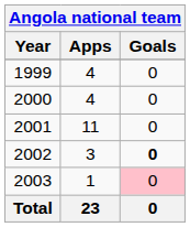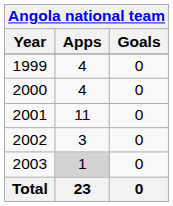 <table class="wikitable" style="text-align:center">
 <tr>
 <th colspan=3><a href='#'>Angola national team</a></th>
 </tr>
 <tr>
 <th>Year</th>
 <th>Apps</th>
 <th>Goals</th>
 </tr>
 <tr>
 </tr>
 <tr>
 <td>1999</td>
 <td>4</td>
 <td>0</td>
 </tr>
 <tr>
 <td>2000</td>
 <td>4</td>
 <td>0</td>
 </tr>
 <tr>
 <td>2001</td>
 <td>11</td>
 <td>0</td>
 </tr>
 <tr>
 <td>2002</td>
 <td>3</td>
-<td><strong>0</strong></td>
+<td>0</td>
 </tr>
 <tr>
 <td>2003</td>
-<td>1</td>
-<td style="background: pink;">0</td>
+<td style="background: lightgrey;">1</td>
+<td>0</td>
 </tr>
 <tr>
 <th>Total</th>
 <th>23</th>
 <th>0</th>
 </tr>
 </table>
